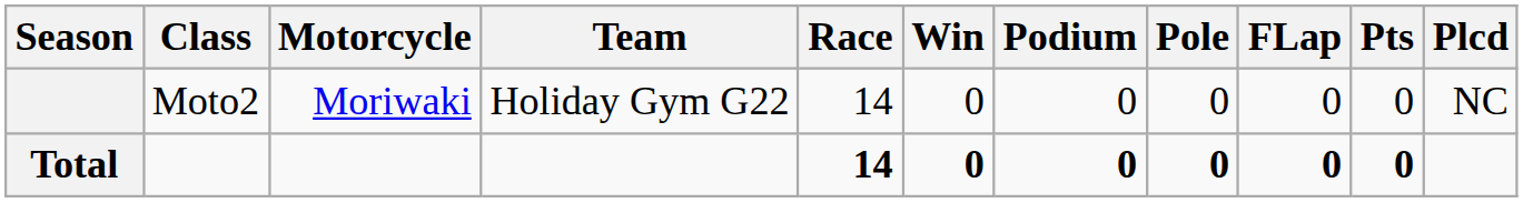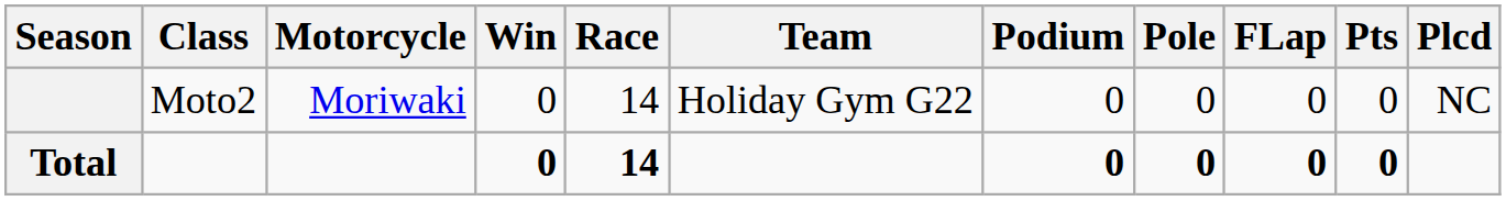 <table class="wikitable" style=text-align:right>
 <tr>
 <th>Season</th>
 <th>Class</th>
 <th>Motorcycle</th>
+<th>Win</th>
+<th>Race</th>
 <th>Team</th>
-<th>Race</th>
-<th>Win</th>
 <th>Podium</th>
 <th>Pole</th>
 <th>FLap</th>
 <th>Pts</th>
 <th>Plcd</th>
 </tr>
 <tr>
 <th></th>
 <td>Moto2</td>
 <td><a href='#'>Moriwaki</a></td>
+<td>0</td>
+<td>14</td>
 <td>Holiday Gym G22</td>
-<td>14</td>
-<td>0</td>
 <td>0</td>
 <td>0</td>
 <td>0</td>
 <td>0</td>
 <td>NC</td>
 </tr>
 <tr>
 <th>Total</th>
 <td></td>
 <td></td>
+<td><strong>0</strong></td>
+<td><strong>14</strong></td>
 <td></td>
-<td><strong>14</strong></td>
-<td><strong>0</strong></td>
 <td><strong>0</strong></td>
 <td><strong>0</strong></td>
 <td><strong>0</strong></td>
 <td><strong>0</strong></td>
 <td></td>
 </tr>
 </table>
